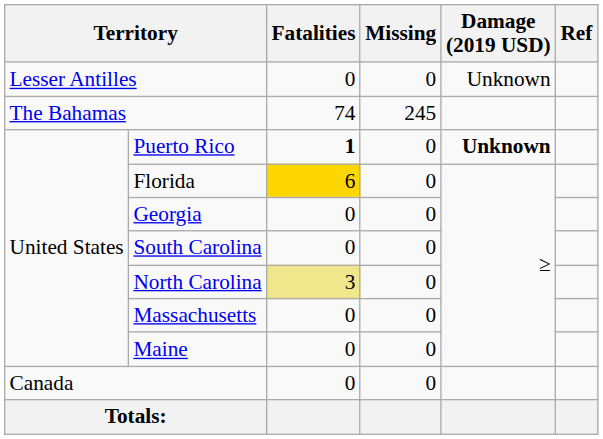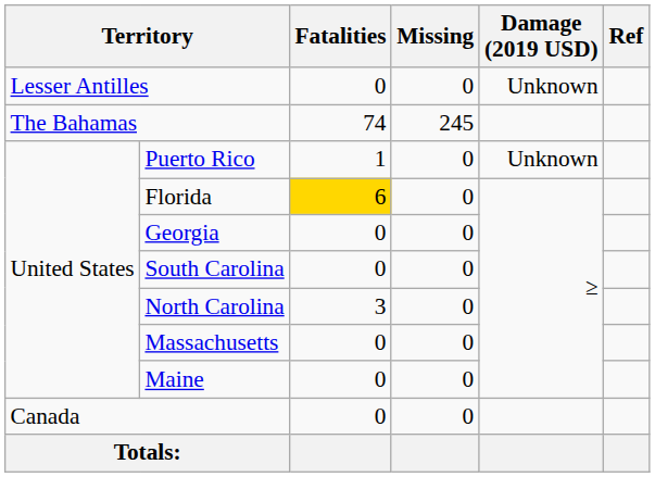 <table class="wikitable sortable floatright">
 <tr>
 <th colspan="2">Territory</th>
 <th>Fatalities</th>
 <th>Missing</th>
 <th>Damage<br>(2019 USD)</th>
 <th class="unsortable">Ref</th>
 </tr>
 <tr style="text-align:right;">
 <td colspan="2" scope="row" style="text-align: left;"><a href='#'>Lesser Antilles</a></td>
 <td>0</td>
 <td>0</td>
 <td>Unknown </td>
 <td></td>
 </tr>
 <tr style="text-align:right;">
 <td colspan="2" scope="row" style="text-align: left;"><a href='#'>The Bahamas</a></td>
 <td>74</td>
 <td>245</td>
 <td></td>
 <td></td>
 </tr>
 <tr style="text-align:right;">
 <td rowspan="7" scope="row" style="text-align: left;">United States</td>
 <td scope="row" style="text-align: left;"><a href='#'>Puerto Rico</a></td>
-<td><strong>1</strong></td>
+<td>1</td>
 <td>0</td>
-<td><strong>Unknown </strong></td>
+<td>Unknown </td>
 <td></td>
 </tr>
 <tr style="text-align:right;">
 <td scope="row" style="text-align: left;">Florida</td>
 <td style="background: gold;">6</td>
 <td>0</td>
 <td rowspan=6>≥</td>
 <td></td>
 </tr>
 <tr style="text-align:right;">
 <td scope="row" style="text-align: left;"><a href='#'>Georgia</a></td>
 <td>0</td>
 <td>0</td>
 <td></td>
 </tr>
 <tr style="text-align:right;">
 <td scope="row" style="text-align: left;"><a href='#'>South Carolina</a></td>
 <td>0</td>
 <td>0</td>
 <td></td>
 </tr>
 <tr style="text-align:right;">
 <td scope="row" style="text-align: left;"><a href='#'>North Carolina</a></td>
-<td style="background: khaki;">3</td>
+<td>3</td>
 <td>0</td>
 <td></td>
 </tr>
 <tr style="text-align:right;">
 <td scope="row" style="text-align: left;"><a href='#'>Massachusetts</a></td>
 <td>0</td>
 <td>0</td>
 <td></td>
 </tr>
 <tr style="text-align: right;">
 <td scope="row" style="text-align: left;"><a href='#'>Maine</a></td>
 <td>0</td>
 <td>0</td>
 <td></td>
 </tr>
 <tr style="text-align:right;">
 <td colspan="2" scope="row" style="text-align: left;">Canada</td>
 <td>0</td>
 <td>0</td>
 <td></td>
 <td></td>
 </tr>
 <tr class="sortbottom">
 <th colspan="2" scope="row" style="text-align: lefit;">Totals:</th>
 <th style="text-align:right;"></th>
 <th style="text-align:right;"></th>
 <th style="text-align:right;"></th>
 <th></th>
 </tr>
 </table>
